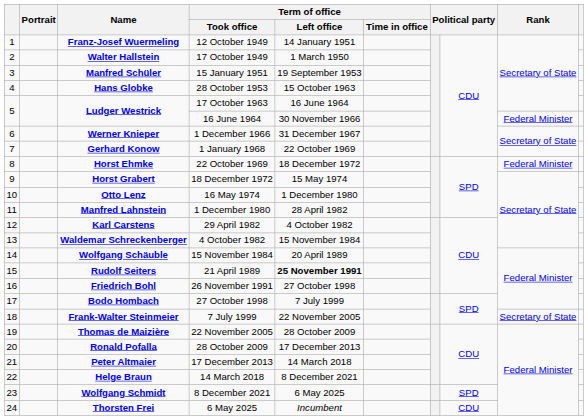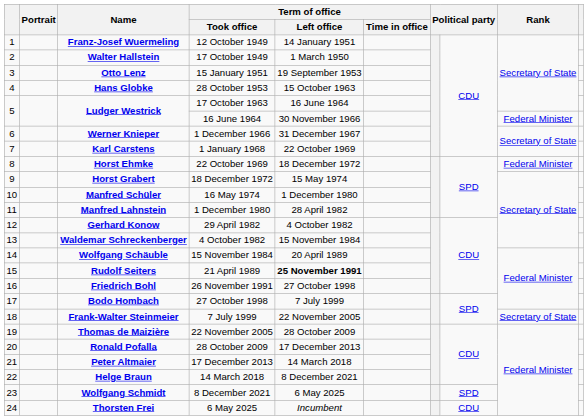 <table class="wikitable" style="text-align:center">
 <tr>
 <th rowspan=2></th>
 <th rowspan=2>Portrait</th>
 <th rowspan=2>Name<br></th>
 <th colspan=3>Term of office</th>
 <th colspan=2 rowspan=2>Political party</th>
 <th rowspan=2>Rank</th>
 <th rowspan=2></th>
 </tr>
 <tr>
 <th>Took office</th>
 <th>Left office</th>
 <th>Time in office</th>
 </tr>
 <tr>
 <td>1</td>
 <td></td>
 <td><strong><a href='#'>Franz-Josef Wuermeling</a></strong><br></td>
 <td>12 October 1949</td>
 <td>14 January 1951</td>
 <td></td>
 <th rowspan=8 style="background:"></th>
 <td rowspan=8><a href='#'>CDU</a></td>
 <td rowspan=5><a href='#'>Secretary of State</a></td>
 <td></td>
 </tr>
 <tr>
 <td>2</td>
 <td></td>
 <td><strong><a href='#'>Walter Hallstein</a></strong><br></td>
 <td>17 October 1949</td>
 <td>1 March 1950</td>
 <td></td>
 <td></td>
 </tr>
 <tr>
 <td>3</td>
 <td></td>
-<td><strong><a href='#'>Manfred Schüler</a></strong><br></td>
+<td><strong><a href='#'>Otto Lenz</a></strong><br></td>
 <td>15 January 1951</td>
 <td>19 September 1953</td>
 <td></td>
 <td></td>
 </tr>
 <tr>
 <td>4</td>
 <td></td>
 <td><strong><a href='#'>Hans Globke</a></strong><br></td>
 <td>28 October 1953</td>
 <td>15 October 1963</td>
 <td></td>
 <td></td>
 </tr>
 <tr>
 <td rowspan=2>5</td>
 <td rowspan=2></td>
 <td rowspan=2><strong><a href='#'>Ludger Westrick</a></strong><br></td>
 <td>17 October 1963</td>
 <td>16 June 1964</td>
 <td></td>
 <td></td>
 </tr>
 <tr>
 <td>16 June 1964</td>
 <td>30 November 1966</td>
 <td></td>
 <td><a href='#'>Federal Minister</a></td>
 <td></td>
 </tr>
 <tr>
 <td>6</td>
 <td></td>
 <td><strong><a href='#'>Werner Knieper</a></strong><br></td>
 <td>1 December 1966</td>
 <td>31 December 1967</td>
 <td></td>
 <td rowspan=2><a href='#'>Secretary of State</a></td>
 <td></td>
 </tr>
 <tr>
 <td>7</td>
 <td></td>
-<td><strong><a href='#'>Gerhard Konow</a></strong><br></td>
+<td><strong><a href='#'>Karl Carstens</a></strong><br></td>
 <td>1 January 1968</td>
 <td>22 October 1969</td>
 <td></td>
 <td></td>
 </tr>
 <tr>
 <td>8</td>
 <td></td>
 <td><strong><a href='#'>Horst Ehmke</a></strong><br></td>
 <td>22 October 1969</td>
 <td>18 December 1972</td>
 <td></td>
 <th rowspan=4 style="background:"></th>
 <td rowspan=4><a href='#'>SPD</a></td>
 <td><a href='#'>Federal Minister</a></td>
 <td></td>
 </tr>
 <tr>
 <td>9</td>
 <td></td>
 <td><strong><a href='#'>Horst Grabert</a></strong><br></td>
 <td>18 December 1972</td>
 <td>15 May 1974</td>
 <td></td>
 <td rowspan=5><a href='#'>Secretary of State</a></td>
 <td></td>
 </tr>
 <tr>
 <td>10</td>
 <td></td>
-<td><strong><a href='#'>Otto Lenz</a></strong><br></td>
+<td><strong><a href='#'>Manfred Schüler</a></strong><br></td>
 <td>16 May 1974</td>
 <td>1 December 1980</td>
 <td></td>
 <td></td>
 </tr>
 <tr>
 <td>11</td>
 <td></td>
 <td><strong><a href='#'>Manfred Lahnstein</a></strong><br></td>
 <td>1 December 1980</td>
 <td>28 April 1982</td>
 <td></td>
 <td></td>
 </tr>
 <tr>
 <td>12</td>
 <td></td>
-<td><strong><a href='#'>Karl Carstens</a></strong><br></td>
+<td><strong><a href='#'>Gerhard Konow</a></strong><br></td>
 <td>29 April 1982</td>
 <td>4 October 1982</td>
 <td></td>
 <th rowspan=5 style="background:"></th>
 <td rowspan=5><a href='#'>CDU</a></td>
 <td></td>
 </tr>
 <tr>
 <td>13</td>
 <td></td>
 <td><strong><a href='#'>Waldemar Schreckenberger</a></strong><br></td>
 <td>4 October 1982</td>
 <td>15 November 1984</td>
 <td></td>
 <td></td>
 </tr>
 <tr>
 <td>14</td>
 <td></td>
 <td><strong><a href='#'>Wolfgang Schäuble</a></strong><br></td>
 <td>15 November 1984</td>
 <td>20 April 1989</td>
 <td></td>
 <td rowspan=4><a href='#'>Federal Minister</a></td>
 <td></td>
 </tr>
 <tr>
 <td>15</td>
 <td></td>
 <td><strong><a href='#'>Rudolf Seiters</a></strong><br></td>
 <td>21 April 1989</td>
 <td><strong>25 November 1991</strong></td>
 <td></td>
 <td></td>
 </tr>
 <tr>
 <td>16</td>
 <td></td>
 <td><strong><a href='#'>Friedrich Bohl</a></strong><br></td>
 <td>26 November 1991</td>
 <td>27 October 1998</td>
 <td></td>
 <td></td>
 </tr>
 <tr>
 <td>17</td>
 <td></td>
 <td><strong><a href='#'>Bodo Hombach</a></strong><br></td>
 <td>27 October 1998</td>
 <td>7 July 1999</td>
 <td></td>
 <th rowspan=2 style="background:"></th>
 <td rowspan=2><a href='#'>SPD</a></td>
 <td></td>
 </tr>
 <tr>
 <td>18</td>
 <td></td>
 <td><strong><a href='#'>Frank-Walter Steinmeier</a></strong><br></td>
 <td>7 July 1999</td>
 <td>22 November 2005</td>
 <td></td>
 <td><a href='#'>Secretary of State</a></td>
 <td></td>
 </tr>
 <tr>
 <td>19</td>
 <td></td>
 <td><strong><a href='#'>Thomas de Maizière</a></strong><br></td>
 <td>22 November 2005</td>
 <td>28 October 2009</td>
 <td></td>
 <th rowspan=4 style="background:"></th>
 <td rowspan=4><a href='#'>CDU</a></td>
 <td rowspan=6><a href='#'>Federal Minister</a></td>
 <td></td>
 </tr>
 <tr>
 <td>20</td>
 <td></td>
 <td><strong><a href='#'>Ronald Pofalla</a></strong><br></td>
 <td>28 October 2009</td>
 <td>17 December 2013</td>
 <td></td>
 <td></td>
 </tr>
 <tr>
 <td>21</td>
 <td></td>
 <td><strong><a href='#'>Peter Altmaier</a></strong><br></td>
 <td>17 December 2013</td>
 <td>14 March 2018</td>
 <td></td>
 <td></td>
 </tr>
 <tr>
 <td>22</td>
 <td></td>
 <td><strong><a href='#'>Helge Braun</a></strong><br></td>
 <td>14 March 2018</td>
 <td>8 December 2021</td>
 <td></td>
 <td></td>
 </tr>
 <tr>
 <td>23</td>
 <td></td>
 <td><strong><a href='#'>Wolfgang Schmidt</a></strong><br></td>
 <td>8 December 2021</td>
 <td>6 May 2025</td>
 <td></td>
 <th style="background:"></th>
 <td><a href='#'>SPD</a></td>
 <td></td>
 </tr>
 <tr>
 <td>24</td>
 <td></td>
 <td><strong><a href='#'>Thorsten Frei</a></strong><br></td>
 <td>6 May 2025</td>
 <td><em>Incumbent</em></td>
 <td></td>
 <th style="background:"></th>
 <td><a href='#'>CDU</a></td>
 <td></td>
 </tr>
 </table>
